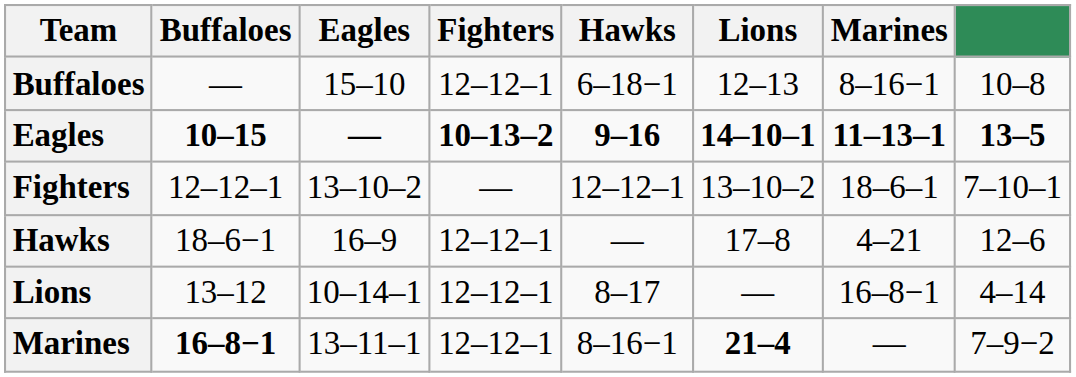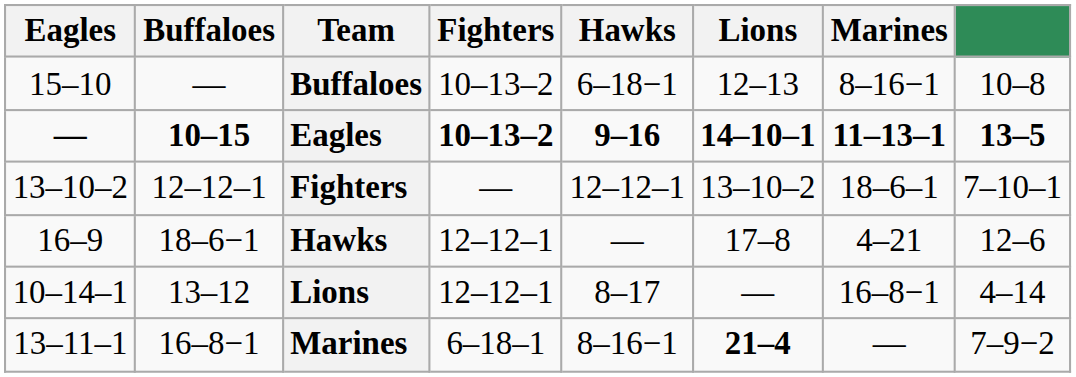 <table class="wikitable plainrowheaders" style="text-align:center;">
 <tr>
+<th>Eagles</th>
+<th>Buffaloes</th>
 <th>Team</th>
-<th>Buffaloes</th>
-<th>Eagles</th>
 <th>Fighters</th>
 <th>Hawks</th>
 <th>Lions</th>
 <th>Marines</th>
 <th style="background:#2e8b57; color:white;"></th>
 </tr>
 <tr>
+<td>15–10</td>
+<td>—</td>
 <th scope="row" style="text-align:left;">Buffaloes</th>
-<td>—</td>
-<td>15–10</td>
-<td>12–12–1</td>
+<td>10–13–2</td>
 <td>6–18−1</td>
 <td>12–13</td>
 <td>8–16−1</td>
 <td>10–8</td>
 </tr>
 <tr>
+<td><strong>—</strong></td>
+<td><strong>10–15</strong></td>
 <th scope="row" style="text-align:left;"><strong>Eagles</strong></th>
-<td><strong>10–15</strong></td>
-<td><strong>—</strong></td>
 <td><strong>10–13–2</strong></td>
 <td><strong>9–16</strong></td>
 <td><strong>14–10–1</strong></td>
 <td><strong>11–13–1</strong></td>
 <td><strong>13–5</strong></td>
 </tr>
 <tr>
+<td>13–10–2</td>
+<td>12–12–1</td>
 <th scope="row" style="text-align:left;">Fighters</th>
-<td>12–12–1</td>
-<td>13–10–2</td>
 <td>—</td>
 <td>12–12–1</td>
 <td>13–10–2</td>
 <td>18–6–1</td>
 <td>7–10–1</td>
 </tr>
 <tr>
+<td>16–9</td>
+<td>18–6−1</td>
 <th scope="row" style="text-align:left;">Hawks</th>
-<td>18–6−1</td>
-<td>16–9</td>
 <td>12–12–1</td>
 <td>—</td>
 <td>17–8</td>
 <td>4–21</td>
 <td>12–6</td>
 </tr>
 <tr>
+<td>10–14–1</td>
+<td>13–12</td>
 <th scope="row" style="text-align:left;">Lions</th>
-<td>13–12</td>
-<td>10–14–1</td>
 <td>12–12–1</td>
 <td>8–17</td>
 <td>—</td>
 <td>16–8−1</td>
 <td>4–14</td>
 </tr>
 <tr>
+<td>13–11–1</td>
+<td>16–8−1</td>
 <th scope="row" style="text-align:left;">Marines</th>
-<td><strong>16–8−1</strong></td>
-<td>13–11–1</td>
-<td>12–12–1</td>
+<td>6–18–1</td>
 <td>8–16−1</td>
 <td><strong>21–4</strong></td>
 <td>—</td>
 <td>7–9−2</td>
 </tr>
 </table>
